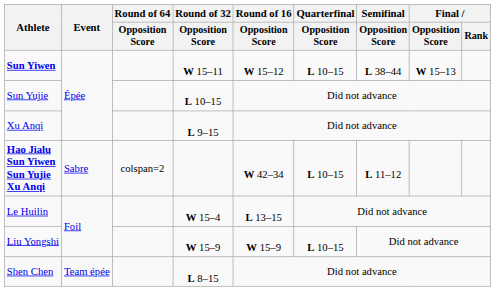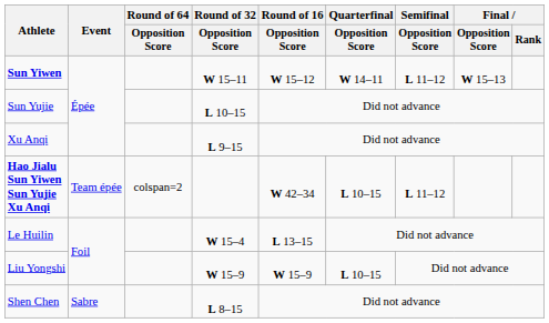 <table class="wikitable" style="font-size:90%">
 <tr>
 <th rowspan=2>Athlete</th>
 <th rowspan=2>Event</th>
 <th>Round of 64</th>
 <th>Round of 32</th>
 <th>Round of 16</th>
 <th>Quarterfinal</th>
 <th>Semifinal</th>
 <th colspan=2>Final / </th>
 </tr>
 <tr style="font-size:95%">
 <th>Opposition<br>Score</th>
 <th>Opposition<br>Score</th>
 <th>Opposition<br>Score</th>
 <th>Opposition<br>Score</th>
 <th>Opposition<br>Score</th>
 <th>Opposition<br>Score</th>
 <th>Rank</th>
 </tr>
 <tr align=center>
 <td align=left><strong><a href='#'>Sun Yiwen</a></strong></td>
 <td align=left rowspan=3><a href='#'>Épée</a></td>
 <td></td>
 <td><br><strong>W</strong> 15–11</td>
 <td><br><strong>W</strong> 15–12</td>
-<td><br><strong>L</strong> 10–15</td>
-<td><br><strong>L</strong> 38–44</td>
+<td><br><strong>W</strong> 14–11</td>
+<td><br><strong>L</strong> 11–12</td>
 <td><br><strong>W</strong> 15–13</td>
 <td></td>
 </tr>
 <tr align=center>
 <td align=left><a href='#'>Sun Yujie</a></td>
 <td></td>
 <td><br><strong>L</strong> 10–15</td>
 <td colspan=5>Did not advance</td>
 </tr>
 <tr align=center>
 <td align=left><a href='#'>Xu Anqi</a></td>
 <td></td>
 <td><br><strong>L</strong> 9–15</td>
 <td colspan=5>Did not advance</td>
 </tr>
 <tr align=center>
 <td align=left><strong><a href='#'>Hao Jialu</a><br><a href='#'>Sun Yiwen</a><br><a href='#'>Sun Yujie</a><br><a href='#'>Xu Anqi</a></strong></td>
-<td align=left><a href='#'>Sabre</a></td>
+<td align=left><a href='#'>Team épée</a></td>
 <td>colspan=2 </td>
 <td></td>
 <td><br><strong>W</strong> 42–34</td>
 <td><br><strong>L</strong> 10–15</td>
 <td><br><strong>L</strong> 11–12</td>
 <td></td>
 </tr>
 <tr align=center>
 <td align=left><a href='#'>Le Huilin</a></td>
 <td align=left rowspan=2><a href='#'>Foil</a></td>
 <td></td>
 <td><br><strong>W</strong> 15–4</td>
 <td><br><strong>L</strong> 13–15</td>
 <td colspan=4>Did not advance</td>
 </tr>
 <tr align=center>
 <td align=left><a href='#'>Liu Yongshi</a></td>
 <td></td>
 <td><br><strong>W</strong> 15–9</td>
 <td><br><strong>W</strong> 15–9</td>
 <td><br><strong>L</strong> 10–15</td>
 <td colspan=3>Did not advance</td>
 </tr>
 <tr align=center>
 <td align=left><a href='#'>Shen Chen</a></td>
-<td align=left><a href='#'>Team épée</a></td>
+<td align=left><a href='#'>Sabre</a></td>
 <td></td>
 <td><br><strong>L</strong> 8–15</td>
 <td colspan=5>Did not advance</td>
 </tr>
 </table>
